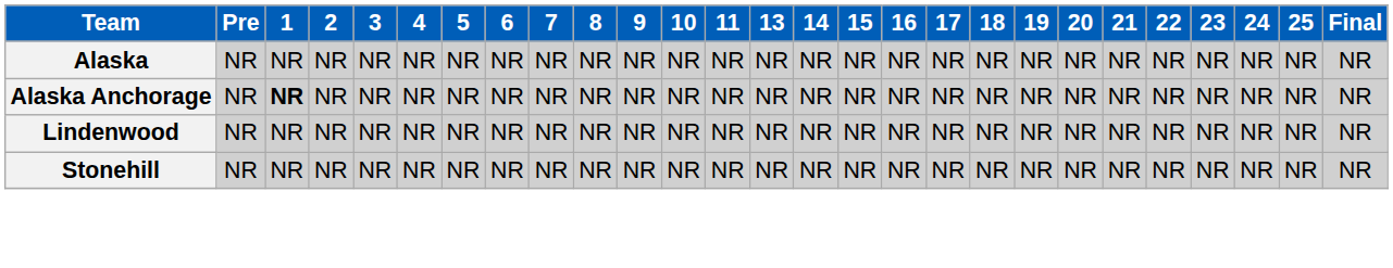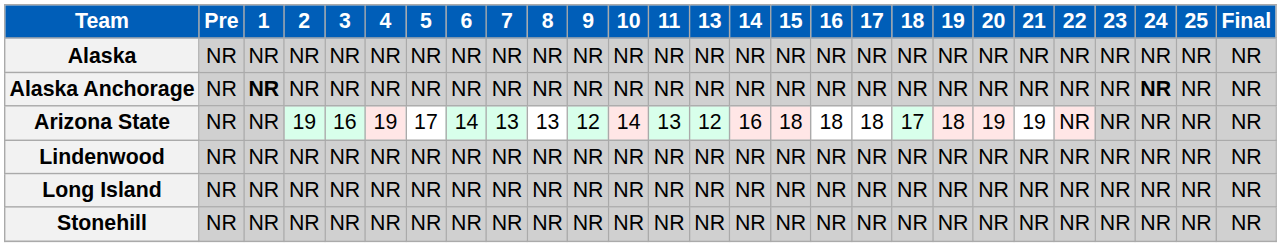 <table class="wikitable sortable" style="text-align: center;">
 <tr>
 <th style="color:white; background:#005EB8">Team</th>
 <th style="color:white; background:#005EB8">Pre</th>
 <th style="color:white; background:#005EB8">1</th>
 <th style="color:white; background:#005EB8">2</th>
 <th style="color:white; background:#005EB8">3</th>
 <th style="color:white; background:#005EB8">4</th>
 <th style="color:white; background:#005EB8">5</th>
 <th style="color:white; background:#005EB8">6</th>
 <th style="color:white; background:#005EB8">7</th>
 <th style="color:white; background:#005EB8">8</th>
 <th style="color:white; background:#005EB8">9</th>
 <th style="color:white; background:#005EB8">10</th>
 <th style="color:white; background:#005EB8">11</th>
 <th style="color:white; background:#005EB8">13</th>
 <th style="color:white; background:#005EB8">14</th>
 <th style="color:white; background:#005EB8">15</th>
 <th style="color:white; background:#005EB8">16</th>
 <th style="color:white; background:#005EB8">17</th>
 <th style="color:white; background:#005EB8">18</th>
 <th style="color:white; background:#005EB8">19</th>
 <th style="color:white; background:#005EB8">20</th>
 <th style="color:white; background:#005EB8">21</th>
 <th style="color:white; background:#005EB8">22</th>
 <th style="color:white; background:#005EB8">23</th>
 <th style="color:white; background:#005EB8">24</th>
 <th style="color:white; background:#005EB8">25</th>
 <th style="color:white; background:#005EB8">Final</th>
 </tr>
 <tr bgcolor=d0d0d0>
 <th>Alaska</th>
 <td>NR</td>
 <td>NR</td>
 <td>NR</td>
 <td>NR</td>
 <td>NR</td>
 <td>NR</td>
 <td>NR</td>
 <td>NR</td>
 <td>NR</td>
 <td>NR</td>
 <td>NR</td>
 <td>NR</td>
 <td>NR</td>
 <td>NR</td>
 <td>NR</td>
 <td>NR</td>
 <td>NR</td>
 <td>NR</td>
 <td>NR</td>
 <td>NR</td>
 <td>NR</td>
 <td>NR</td>
 <td>NR</td>
 <td>NR</td>
 <td>NR</td>
 <td>NR</td>
 </tr>
 <tr bgcolor=d0d0d0>
 <th>Alaska Anchorage</th>
 <td>NR</td>
 <td><strong>NR</strong></td>
 <td>NR</td>
 <td>NR</td>
 <td>NR</td>
 <td>NR</td>
 <td>NR</td>
 <td>NR</td>
 <td>NR</td>
 <td>NR</td>
 <td>NR</td>
 <td>NR</td>
 <td>NR</td>
 <td>NR</td>
 <td>NR</td>
 <td>NR</td>
 <td>NR</td>
 <td>NR</td>
 <td>NR</td>
 <td>NR</td>
 <td>NR</td>
 <td>NR</td>
 <td>NR</td>
+<td><strong>NR</strong></td>
+<td>NR</td>
+<td>NR</td>
+</tr>
+<tr bgcolor=d0d0d0>
+<th>Arizona State</th>
+<td>NR</td>
+<td>NR</td>
+<td bgcolor=D8FFEB>19</td>
+<td bgcolor=D8FFEB>16</td>
+<td bgcolor=FFE6E6>19</td>
+<td bgcolor=ffffff>17</td>
+<td bgcolor=D8FFEB>14</td>
+<td bgcolor=D8FFEB>13</td>
+<td bgcolor=ffffff>13</td>
+<td bgcolor=D8FFEB>12</td>
+<td bgcolor=FFE6E6>14</td>
+<td bgcolor=D8FFEB>13</td>
+<td bgcolor=D8FFEB>12</td>
+<td bgcolor=FFE6E6>16</td>
+<td bgcolor=FFE6E6>18</td>
+<td bgcolor=ffffff>18</td>
+<td bgcolor=ffffff>18</td>
+<td bgcolor=D8FFEB>17</td>
+<td bgcolor=FFE6E6>18</td>
+<td bgcolor=FFE6E6>19</td>
+<td bgcolor=ffffff>19</td>
+<td bgcolor=FFE6E6>NR</td>
+<td>NR</td>
 <td>NR</td>
 <td>NR</td>
 <td>NR</td>
 </tr>
 <tr bgcolor=d0d0d0>
 <th>Lindenwood</th>
+<td>NR</td>
+<td>NR</td>
+<td>NR</td>
+<td>NR</td>
+<td>NR</td>
+<td>NR</td>
+<td>NR</td>
+<td>NR</td>
+<td>NR</td>
+<td>NR</td>
+<td>NR</td>
+<td>NR</td>
+<td>NR</td>
+<td>NR</td>
+<td>NR</td>
+<td>NR</td>
+<td>NR</td>
+<td>NR</td>
+<td>NR</td>
+<td>NR</td>
+<td>NR</td>
+<td>NR</td>
+<td>NR</td>
+<td>NR</td>
+<td>NR</td>
+<td>NR</td>
+</tr>
+<tr bgcolor=d0d0d0>
+<th>Long Island</th>
 <td>NR</td>
 <td>NR</td>
 <td>NR</td>
 <td>NR</td>
 <td>NR</td>
 <td>NR</td>
 <td>NR</td>
 <td>NR</td>
 <td>NR</td>
 <td>NR</td>
 <td>NR</td>
 <td>NR</td>
 <td>NR</td>
 <td>NR</td>
 <td>NR</td>
 <td>NR</td>
 <td>NR</td>
 <td>NR</td>
 <td>NR</td>
 <td>NR</td>
 <td>NR</td>
 <td>NR</td>
 <td>NR</td>
 <td>NR</td>
 <td>NR</td>
 <td>NR</td>
 </tr>
 <tr bgcolor=d0d0d0>
 <th>Stonehill</th>
 <td>NR</td>
 <td>NR</td>
 <td>NR</td>
 <td>NR</td>
 <td>NR</td>
 <td>NR</td>
 <td>NR</td>
 <td>NR</td>
 <td>NR</td>
 <td>NR</td>
 <td>NR</td>
 <td>NR</td>
 <td>NR</td>
 <td>NR</td>
 <td>NR</td>
 <td>NR</td>
 <td>NR</td>
 <td>NR</td>
 <td>NR</td>
 <td>NR</td>
 <td>NR</td>
 <td>NR</td>
 <td>NR</td>
 <td>NR</td>
 <td>NR</td>
 <td>NR</td>
 </tr>
 <tr>
 </tr>
 </table>
